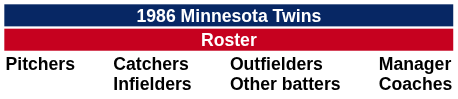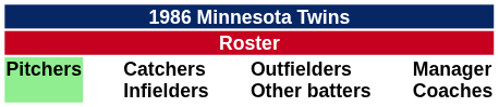 <table class="toccolours" style="font-size: 95%;">
 <tr>
 <th colspan="10" style="background-color: #072764; color: white; text-align: center;">1986 Minnesota Twins</th>
 </tr>
 <tr>
 <td colspan="10" style="background-color: #c6011f; color: white; text-align: center;"><strong>Roster</strong></td>
 </tr>
 <tr>
-<td valign="top"><strong>Pitchers</strong><br>                 </td>
+<td valign="top" style="background: lightgreen;"><strong>Pitchers</strong><br>                 </td>
 <td width="25px"></td>
 <td valign="top"><strong>Catchers</strong><br>   <strong>Infielders</strong>        </td>
 <td width="25px"></td>
 <td valign="top"><strong>Outfielders</strong><br>       <strong>Other batters</strong>  </td>
 <td width="25px"></td>
 <td valign="top"><strong>Manager</strong><br>  <strong>Coaches</strong>     </td>
 </tr>
 <tr>
 </tr>
 </table>
